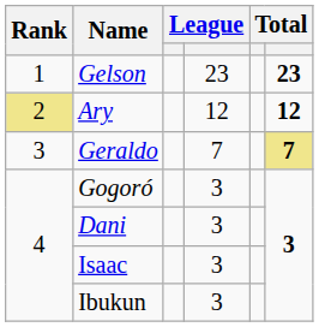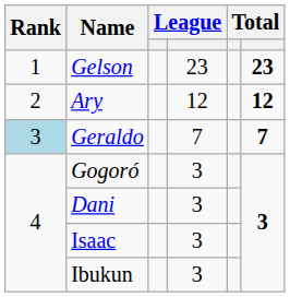 <table class="wikitable" style="text-align:center">
 <tr>
 <th rowspan="2">Rank</th>
 <th rowspan="2">Name</th>
 <th colspan=2><a href='#'>League</a></th>
 <th colspan=2>Total</th>
 </tr>
 <tr>
 <th colspan="1"></th>
 <th colspan="1"></th>
 <th colspan="1"></th>
 <th colspan="1"></th>
 </tr>
 <tr>
 <td>1</td>
 <td align="left"> <em><a href='#'>Gelson</a></em></td>
 <td></td>
 <td>23</td>
 <td></td>
 <td><strong>23</strong></td>
 </tr>
 <tr>
-<td style="background: khaki;">2</td>
+<td>2</td>
 <td align="left"> <em><a href='#'>Ary</a></em></td>
 <td></td>
 <td>12</td>
 <td></td>
 <td><strong>12</strong></td>
 </tr>
 <tr>
-<td>3</td>
+<td style="background: lightblue;">3</td>
 <td align="left"> <em><a href='#'>Geraldo</a></em></td>
 <td></td>
 <td>7</td>
 <td></td>
-<td style="background: khaki;"><strong>7</strong></td>
+<td><strong>7</strong></td>
 </tr>
 <tr>
 <td rowspan=4>4</td>
 <td align="left"> <em>Gogoró</em></td>
 <td></td>
 <td>3</td>
 <td></td>
 <td rowspan=4><strong>3</strong></td>
 </tr>
 <tr>
 <td align="left"> <em><a href='#'>Dani</a></em></td>
 <td></td>
 <td>3</td>
 </tr>
 <tr>
 <td align="left"> <a href='#'>Isaac</a></td>
 <td></td>
 <td>3</td>
 <td></td>
 </tr>
 <tr>
 <td align="left"> Ibukun</td>
 <td></td>
 <td>3</td>
 <td></td>
 </tr>
 </table>
